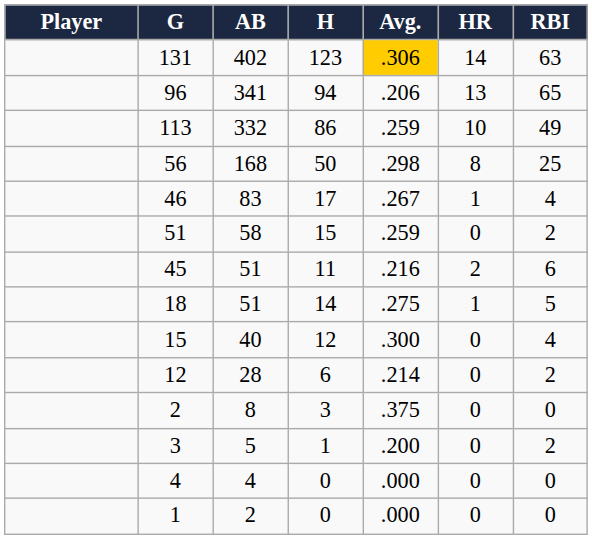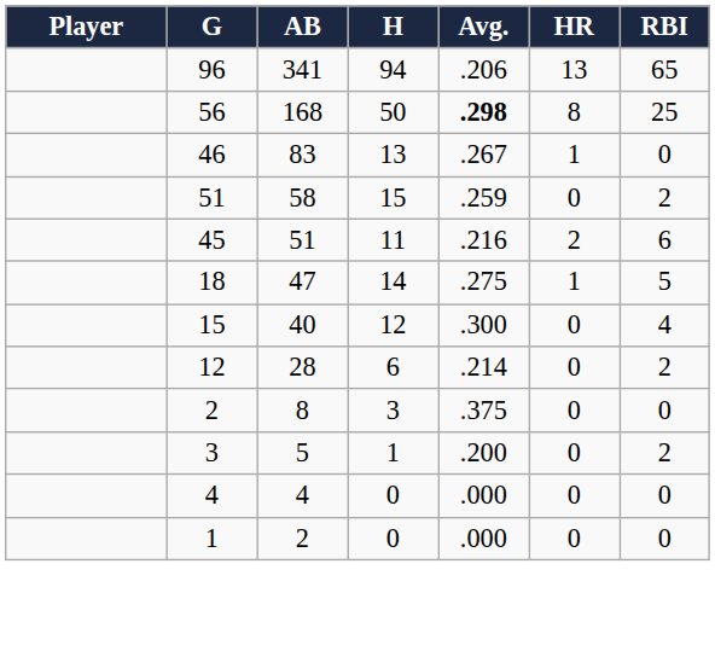 <table class="wikitable sortable" style="text-align:center;">
 <tr>
 <th style="background:#1c2841;color:white;" width="16%">Player</th>
 <th style="background:#1c2841;color:white;" width="9%">G</th>
 <th style="background:#1c2841;color:white;" width="9%">AB</th>
 <th style="background:#1c2841;color:white;" width="9%">H</th>
 <th style="background:#1c2841;color:white;" width="9%">Avg.</th>
 <th style="background:#1c2841;color:white;" width="9%">HR</th>
 <th style="background:#1c2841;color:white;" width="9%">RBI</th>
 </tr>
 <tr align="center">
 <td></td>
-<td>131</td>
-<td>402</td>
-<td>123</td>
-<td style="background:#fc0;">.306</td>
-<td>14</td>
-<td>63</td>
-</tr>
-<tr align="center">
-<td></td>
 <td>96</td>
 <td>341</td>
 <td>94</td>
 <td>.206</td>
 <td>13</td>
 <td>65</td>
 </tr>
 <tr align="center">
 <td></td>
-<td>113</td>
-<td>332</td>
-<td>86</td>
-<td>.259</td>
-<td>10</td>
-<td>49</td>
-</tr>
-<tr align="center">
-<td></td>
 <td>56</td>
 <td>168</td>
 <td>50</td>
-<td>.298</td>
+<td><strong>.298</strong></td>
 <td>8</td>
 <td>25</td>
 </tr>
 <tr align="center">
 <td></td>
 <td>46</td>
 <td>83</td>
-<td>17</td>
+<td>13</td>
 <td>.267</td>
 <td>1</td>
-<td>4</td>
+<td>0</td>
 </tr>
 <tr align="center">
 <td></td>
 <td>51</td>
 <td>58</td>
 <td>15</td>
 <td>.259</td>
 <td>0</td>
 <td>2</td>
 </tr>
 <tr align="center">
 <td></td>
 <td>45</td>
 <td>51</td>
 <td>11</td>
 <td>.216</td>
 <td>2</td>
 <td>6</td>
 </tr>
 <tr align="center">
 <td></td>
 <td>18</td>
-<td>51</td>
+<td>47</td>
 <td>14</td>
 <td>.275</td>
 <td>1</td>
 <td>5</td>
 </tr>
 <tr align="center">
 <td></td>
 <td>15</td>
 <td>40</td>
 <td>12</td>
 <td>.300</td>
 <td>0</td>
 <td>4</td>
 </tr>
 <tr align="center">
 <td></td>
 <td>12</td>
 <td>28</td>
 <td>6</td>
 <td>.214</td>
 <td>0</td>
 <td>2</td>
 </tr>
 <tr align="center">
 <td></td>
 <td>2</td>
 <td>8</td>
 <td>3</td>
 <td>.375</td>
 <td>0</td>
 <td>0</td>
 </tr>
 <tr align="center">
 <td></td>
 <td>3</td>
 <td>5</td>
 <td>1</td>
 <td>.200</td>
 <td>0</td>
 <td>2</td>
 </tr>
 <tr align="center">
 <td></td>
 <td>4</td>
 <td>4</td>
 <td>0</td>
 <td>.000</td>
 <td>0</td>
 <td>0</td>
 </tr>
 <tr align="center">
 <td></td>
 <td>1</td>
 <td>2</td>
 <td>0</td>
 <td>.000</td>
 <td>0</td>
 <td>0</td>
 </tr>
 </table>
